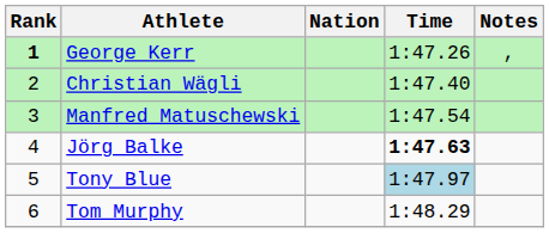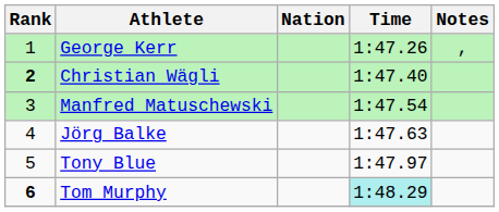 <table class="wikitable sortable" style="text-align:center">
 <tr>
 <th>Rank</th>
 <th>Athlete</th>
 <th>Nation</th>
 <th>Time</th>
 <th>Notes</th>
 </tr>
 <tr bgcolor=bbf3bb>
-<td><strong>1</strong></td>
+<td>1</td>
 <td align=left><a href='#'>George Kerr</a></td>
 <td align=left></td>
 <td>1:47.26</td>
 <td>, </td>
 </tr>
 <tr bgcolor=bbf3bb>
-<td>2</td>
+<td><strong>2</strong></td>
 <td align=left><a href='#'>Christian Wägli</a></td>
 <td align=left></td>
 <td>1:47.40</td>
 <td></td>
 </tr>
 <tr bgcolor=bbf3bb>
 <td>3</td>
 <td align=left><a href='#'>Manfred Matuschewski</a></td>
 <td align=left></td>
 <td>1:47.54</td>
 <td></td>
 </tr>
 <tr>
 <td>4</td>
 <td align=left><a href='#'>Jörg Balke</a></td>
 <td align=left></td>
-<td><strong>1:47.63</strong></td>
+<td>1:47.63</td>
 <td></td>
 </tr>
 <tr>
 <td>5</td>
 <td align=left><a href='#'>Tony Blue</a></td>
 <td align=left></td>
-<td style="background: lightblue;">1:47.97</td>
+<td>1:47.97</td>
 <td></td>
 </tr>
 <tr>
-<td>6</td>
+<td><strong>6</strong></td>
 <td align=left><a href='#'>Tom Murphy</a></td>
 <td align=left></td>
-<td>1:48.29</td>
+<td style="background: paleturquoise;">1:48.29</td>
 <td></td>
 </tr>
 <tr>
 </tr>
 </table>
